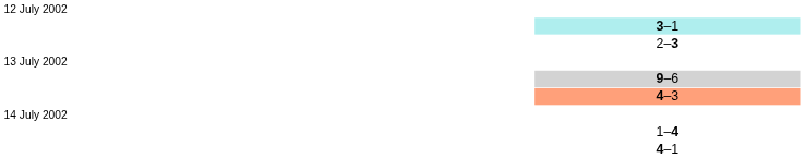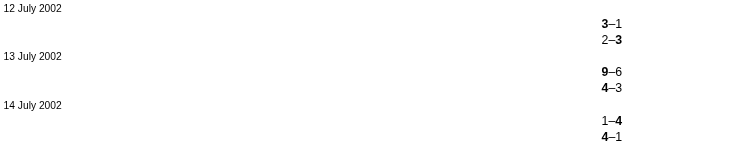 <table width=100% cellspacing=1>
 <tr>
 <th width=40%></th>
 <th width=20%></th>
 <th></th>
 </tr>
 <tr>
 <td><small>12 July 2002</small></td>
 </tr>
 <tr>
 <td align=right><strong></strong></td>
-<td align=center style="background: paleturquoise;"><strong>3</strong>–1</td>
+<td align=center><strong>3</strong>–1</td>
 <td></td>
 </tr>
 <tr>
 <td align=right></td>
 <td align=center>2–<strong>3</strong> </td>
 <td><strong></strong></td>
 </tr>
 <tr>
 <td><small>13 July 2002</small></td>
 </tr>
 <tr>
 <td align=right><strong></strong></td>
-<td align=center style="background: lightgrey;"><strong>9</strong>–6</td>
+<td align=center><strong>9</strong>–6</td>
 <td></td>
 </tr>
 <tr>
 <td align=right><strong></strong></td>
-<td align=center style="background: lightsalmon;"><strong>4</strong>–3</td>
+<td align=center><strong>4</strong>–3</td>
 <td></td>
 </tr>
 <tr>
 <td><small>14 July 2002</small></td>
 </tr>
 <tr>
 <td align=right></td>
 <td align=center>1–<strong>4</strong></td>
 <td><strong></strong></td>
 </tr>
 <tr>
 <td align=right><strong></strong></td>
 <td align=center><strong>4</strong>–1</td>
 <td></td>
 </tr>
 </table>
